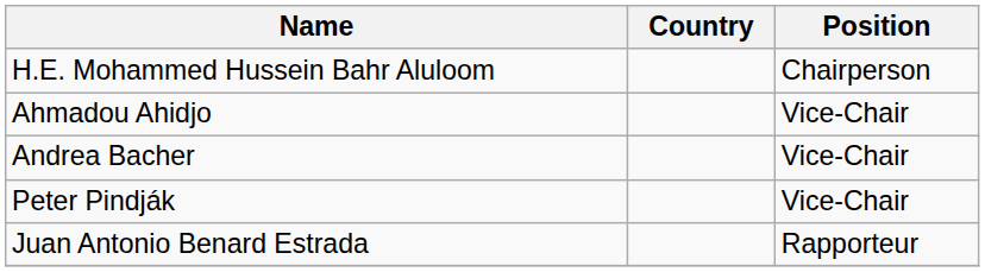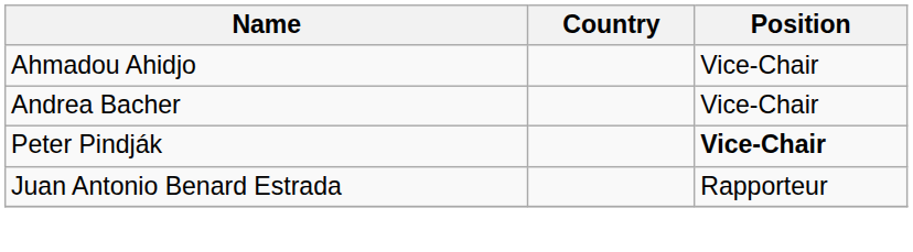 <table class="wikitable" style="display: inline-table; width: 45%">
 <tr>
 <th>Name</th>
 <th>Country</th>
 <th>Position</th>
-</tr>
-<tr>
-<td>H.E. Mohammed Hussein Bahr Aluloom</td>
-<td></td>
-<td>Chairperson</td>
 </tr>
 <tr>
 <td>Ahmadou Ahidjo</td>
 <td></td>
 <td>Vice-Chair</td>
 </tr>
 <tr>
 <td>Andrea Bacher</td>
 <td></td>
 <td>Vice-Chair</td>
 </tr>
 <tr>
 <td>Peter Pindják</td>
 <td></td>
-<td>Vice-Chair</td>
+<td><strong>Vice-Chair</strong></td>
 </tr>
 <tr>
 <td>Juan Antonio Benard Estrada</td>
 <td></td>
 <td>Rapporteur</td>
 </tr>
 <tr>
 </tr>
 </table>
